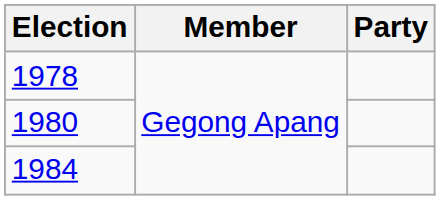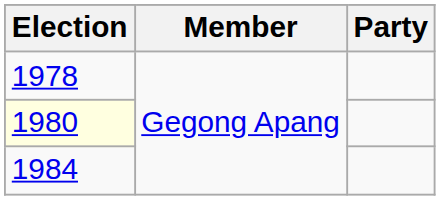 <table class="wikitable sortable">
 <tr>
 <th>Election</th>
 <th>Member</th>
 <th colspan=2>Party</th>
 </tr>
 <tr>
 <td><a href='#'>1978</a></td>
 <td rowspan=3><a href='#'>Gegong Apang</a></td>
 <td></td>
 </tr>
 <tr>
-<td><a href='#'>1980</a></td>
+<td style="background: lightyellow;"><a href='#'>1980</a></td>
 <td></td>
 </tr>
 <tr>
 <td><a href='#'>1984</a></td>
 <td></td>
 </tr>
 </table>
